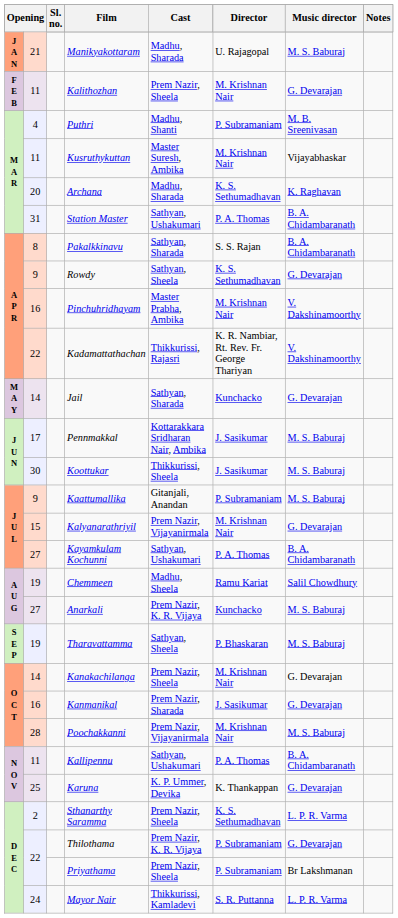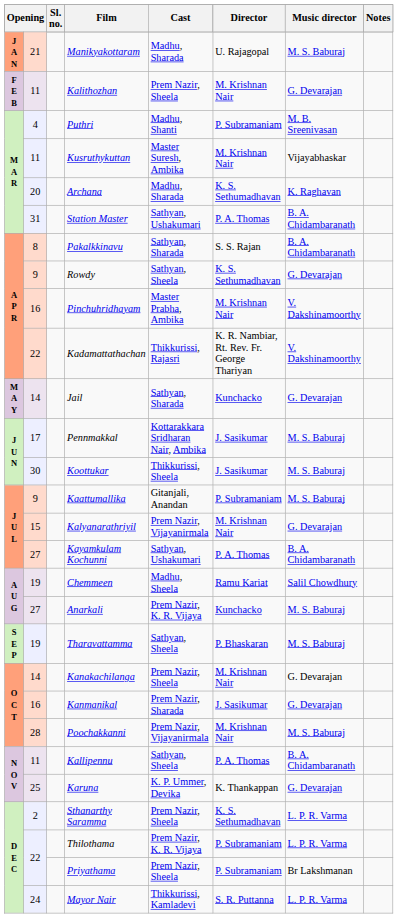 <table class="wikitable">
 <tr style="background:#000;">
 <th colspan='2'>Opening</th>
 <th>Sl.<br>no.</th>
 <th>Film</th>
 <th>Cast</th>
 <th>Director</th>
 <th>Music director</th>
 <th>Notes</th>
 </tr>
 <tr>
 <td rowspan="1" style="text-align:center; background:#ffa07a; textcolor:#000;"><small><strong>J<br>A<br>N</strong></small></td>
 <td rowspan="1"  style="text-align:center; background:#ffdacc; textcolor:#000;">21</td>
 <td valign="center"></td>
 <td><em><a href='#'>Manikyakottaram</a></em></td>
 <td><a href='#'>Madhu</a>, <a href='#'>Sharada</a></td>
 <td>U. Rajagopal</td>
 <td><a href='#'>M. S. Baburaj</a></td>
 <td></td>
 </tr>
 <tr>
 <td rowspan="1" style="text-align:center; background:#dcc7df; textcolor:#000;"><small><strong>F<br>E<br>B</strong></small></td>
 <td rowspan="1"  style="text-align:center; background:#ede3ef; textcolor:#000;">11</td>
 <td valign="center"></td>
 <td><em><a href='#'>Kalithozhan</a></em></td>
 <td><a href='#'>Prem Nazir</a>, <a href='#'>Sheela</a></td>
 <td><a href='#'>M. Krishnan Nair</a></td>
 <td><a href='#'>G. Devarajan</a></td>
 <td></td>
 </tr>
 <tr>
 <td rowspan="4" style="text-align:center; background:#d0f0c0; textcolor:#000;"><small><strong>M<br>A<br>R</strong></small></td>
 <td rowspan="1"  style="text-align:center; background:#edefff; textcolor:#000;">4</td>
 <td valign="center"></td>
 <td><em><a href='#'>Puthri</a></em></td>
 <td><a href='#'>Madhu</a>, <a href='#'>Shanti</a></td>
 <td><a href='#'>P. Subramaniam</a></td>
 <td><a href='#'>M. B. Sreenivasan</a></td>
 <td></td>
 </tr>
 <tr>
 <td rowspan="1"  style="text-align:center; background:#edefff; textcolor:#000;">11</td>
 <td valign="center"></td>
 <td><em><a href='#'>Kusruthykuttan</a></em></td>
 <td><a href='#'>Master Suresh</a>, <a href='#'>Ambika</a></td>
 <td><a href='#'>M. Krishnan Nair</a></td>
 <td>Vijayabhaskar</td>
 <td></td>
 </tr>
 <tr>
 <td rowspan="1"  style="text-align:center; background:#edefff; textcolor:#000;">20</td>
 <td valign="center"></td>
 <td><em><a href='#'>Archana</a></em></td>
 <td><a href='#'>Madhu</a>, <a href='#'>Sharada</a></td>
 <td><a href='#'>K. S. Sethumadhavan</a></td>
 <td><a href='#'>K. Raghavan</a></td>
 <td></td>
 </tr>
 <tr>
 <td rowspan="1"  style="text-align:center; background:#edefff; textcolor:#000;">31</td>
 <td valign="center"></td>
 <td><em><a href='#'>Station Master</a></em></td>
 <td><a href='#'>Sathyan</a>, <a href='#'>Ushakumari</a></td>
 <td><a href='#'>P. A. Thomas</a></td>
 <td><a href='#'>B. A. Chidambaranath</a></td>
 <td></td>
 </tr>
 <tr>
 <td rowspan="4" style="text-align:center; background:#ffa07a; textcolor:#000;"><small><strong>A<br>P<br>R</strong></small></td>
 <td rowspan="1"  style="text-align:center; background:#ffdacc; textcolor:#000;">8</td>
 <td valign="center"></td>
 <td><em><a href='#'>Pakalkkinavu</a></em></td>
 <td><a href='#'>Sathyan</a>, <a href='#'>Sharada</a></td>
 <td>S. S. Rajan</td>
 <td><a href='#'>B. A. Chidambaranath</a></td>
 <td></td>
 </tr>
 <tr>
 <td rowspan="1"  style="text-align:center; background:#ffdacc; textcolor:#000;">9</td>
 <td valign="center"></td>
 <td><em>Rowdy</em></td>
 <td><a href='#'>Sathyan</a>, <a href='#'>Sheela</a></td>
 <td><a href='#'>K. S. Sethumadhavan</a></td>
 <td><a href='#'>G. Devarajan</a></td>
 <td></td>
 </tr>
 <tr>
 <td rowspan="1"  style="text-align:center; background:#ffdacc; textcolor:#000;">16</td>
 <td valign="center"></td>
 <td><em><a href='#'>Pinchuhridhayam</a></em></td>
 <td><a href='#'>Master Prabha</a>, <a href='#'>Ambika</a></td>
 <td><a href='#'>M. Krishnan Nair</a></td>
 <td><a href='#'>V. Dakshinamoorthy</a></td>
 <td></td>
 </tr>
 <tr>
 <td rowspan="1"  style="text-align:center; background:#ffdacc; textcolor:#000;">22</td>
 <td valign="center"></td>
 <td><em>Kadamattathachan</em></td>
 <td><a href='#'>Thikkurissi</a>, <a href='#'>Rajasri</a></td>
 <td>K. R. Nambiar, Rt. Rev. Fr. George Thariyan</td>
 <td><a href='#'>V. Dakshinamoorthy</a></td>
 <td></td>
 </tr>
 <tr>
 <td rowspan="1" style="text-align:center; background:#dcc7df; textcolor:#000;"><small><strong>M<br>A<br>Y</strong></small></td>
 <td rowspan="1"  style="text-align:center; background:#ede3ef; textcolor:#000;">14</td>
 <td valign="center"></td>
 <td><em>Jail</em></td>
 <td><a href='#'>Sathyan</a>, <a href='#'>Sharada</a></td>
 <td><a href='#'>Kunchacko</a></td>
 <td><a href='#'>G. Devarajan</a></td>
 <td></td>
 </tr>
 <tr>
 <td rowspan="2" style="text-align:center; background:#d0f0c0; textcolor:#000;"><small><strong>J<br>U<br>N</strong></small></td>
 <td rowspan="1"  style="text-align:center; background:#edefff; textcolor:#000;">17</td>
 <td valign="center"></td>
 <td><em>Pennmakkal</em></td>
 <td><a href='#'>Kottarakkara Sridharan Nair</a>, <a href='#'>Ambika</a></td>
 <td><a href='#'>J. Sasikumar</a></td>
 <td><a href='#'>M. S. Baburaj</a></td>
 <td></td>
 </tr>
 <tr>
 <td rowspan="1"  style="text-align:center; background:#edefff; textcolor:#000;">30</td>
 <td valign="center"></td>
 <td><em><a href='#'>Koottukar</a></em></td>
 <td><a href='#'>Thikkurissi</a>, <a href='#'>Sheela</a></td>
 <td><a href='#'>J. Sasikumar</a></td>
 <td><a href='#'>M. S. Baburaj</a></td>
 <td></td>
 </tr>
 <tr>
 <td rowspan="3" style="text-align:center; background:#ffa07a; textcolor:#000;"><small><strong>J<br>U<br>L</strong></small></td>
 <td rowspan="1"  style="text-align:center; background:#ffdacc; textcolor:#000;">9</td>
 <td valign="center"></td>
 <td><em><a href='#'>Kaattumallika</a></em></td>
 <td>Gitanjali, Anandan</td>
 <td><a href='#'>P. Subramaniam</a></td>
 <td><a href='#'>M. S. Baburaj</a></td>
 <td></td>
 </tr>
 <tr>
 <td rowspan="1"  style="text-align:center; background:#ffdacc; textcolor:#000;">15</td>
 <td valign="center"></td>
 <td><em><a href='#'>Kalyanarathriyil</a></em></td>
 <td><a href='#'>Prem Nazir</a>, <a href='#'>Vijayanirmala</a></td>
 <td><a href='#'>M. Krishnan Nair</a></td>
 <td><a href='#'>G. Devarajan</a></td>
 <td></td>
 </tr>
 <tr>
 <td rowspan="1"  style="text-align:center; background:#ffdacc; textcolor:#000;">27</td>
 <td valign="center"></td>
 <td><em><a href='#'>Kayamkulam Kochunni</a></em></td>
 <td><a href='#'>Sathyan</a>, <a href='#'>Ushakumari</a></td>
 <td><a href='#'>P. A. Thomas</a></td>
 <td><a href='#'>B. A. Chidambaranath</a></td>
 <td></td>
 </tr>
 <tr>
 <td rowspan="2" style="text-align:center; background:#dcc7df; textcolor:#000;"><small><strong>A<br>U<br>G</strong></small></td>
 <td rowspan="1"  style="text-align:center; background:#ede3ef; textcolor:#000;">19</td>
 <td valign="center"></td>
 <td><em><a href='#'>Chemmeen</a></em></td>
 <td><a href='#'>Madhu</a>, <a href='#'>Sheela</a></td>
 <td><a href='#'>Ramu Kariat</a></td>
 <td><a href='#'>Salil Chowdhury</a></td>
 <td></td>
 </tr>
 <tr>
 <td rowspan="1"  style="text-align:center; background:#ede3ef; textcolor:#000;">27</td>
 <td valign="center"></td>
 <td><em><a href='#'>Anarkali</a></em></td>
 <td><a href='#'>Prem Nazir</a>, <a href='#'>K. R. Vijaya</a></td>
 <td><a href='#'>Kunchacko</a></td>
 <td><a href='#'>M. S. Baburaj</a></td>
 <td></td>
 </tr>
 <tr>
 <td rowspan="1" style="text-align:center; background:#d0f0c0; textcolor:#000;"><small><strong>S<br>E<br>P</strong></small></td>
 <td rowspan="1"  style="text-align:center; background:#edefff; textcolor:#000;">19</td>
 <td valign="center"></td>
 <td><em><a href='#'>Tharavattamma</a></em></td>
 <td><a href='#'>Sathyan</a>, <a href='#'>Sheela</a></td>
 <td><a href='#'>P. Bhaskaran</a></td>
 <td><a href='#'>M. S. Baburaj</a></td>
 <td></td>
 </tr>
 <tr>
 <td rowspan="3" style="text-align:center; background:#ffa07a; textcolor:#000;"><small><strong>O<br>C<br>T</strong></small></td>
 <td rowspan="1"  style="text-align:center; background:#ffdacc; textcolor:#000;">14</td>
 <td valign="center"></td>
 <td><em><a href='#'>Kanakachilanga</a></em></td>
 <td><a href='#'>Prem Nazir</a>, <a href='#'>Sheela</a></td>
 <td><a href='#'>M. Krishnan Nair</a></td>
 <td>G. Devarajan</td>
 <td></td>
 </tr>
 <tr>
 <td rowspan="1"  style="text-align:center; background:#ffdacc; textcolor:#000;">16</td>
 <td valign="center"></td>
 <td><em><a href='#'>Kanmanikal</a></em></td>
 <td><a href='#'>Prem Nazir</a>, <a href='#'>Sharada</a></td>
 <td><a href='#'>J. Sasikumar</a></td>
 <td><a href='#'>G. Devarajan</a></td>
 <td></td>
 </tr>
 <tr>
 <td rowspan="1"  style="text-align:center; background:#ffdacc; textcolor:#000;">28</td>
 <td valign="center"></td>
 <td><em><a href='#'>Poochakkanni</a></em></td>
 <td><a href='#'>Prem Nazir</a>, <a href='#'>Vijayanirmala</a></td>
 <td><a href='#'>M. Krishnan Nair</a></td>
 <td><a href='#'>M. S. Baburaj</a></td>
 <td></td>
 </tr>
 <tr>
 <td rowspan="2" style="text-align:center; background:#dcc7df; textcolor:#000;"><small><strong>N<br>O<br>V</strong></small></td>
 <td rowspan="1"  style="text-align:center; background:#ede3ef; textcolor:#000;">11</td>
 <td valign="center"></td>
 <td><em><a href='#'>Kallipennu</a></em></td>
-<td><a href='#'>Sathyan</a>, <a href='#'>Ushakumari</a></td>
+<td><a href='#'>Sathyan</a>, <a href='#'>Sheela</a></td>
 <td><a href='#'>P. A. Thomas</a></td>
 <td><a href='#'>B. A. Chidambaranath</a></td>
 <td></td>
 </tr>
 <tr>
 <td rowspan="1"  style="text-align:center; background:#ede3ef; textcolor:#000;">25</td>
 <td valign="center"></td>
 <td><em><a href='#'>Karuna</a></em></td>
 <td><a href='#'>K. P. Ummer</a>, <a href='#'>Devika</a></td>
 <td>K. Thankappan</td>
 <td><a href='#'>G. Devarajan</a></td>
 <td></td>
 </tr>
 <tr>
 <td rowspan="4" style="text-align:center; background:#d0f0c0; textcolor:#000;"><small><strong>D<br>E<br>C</strong></small></td>
 <td rowspan="1"  style="text-align:center; background:#edefff; textcolor:#000;">2</td>
 <td valign="center"></td>
 <td><em><a href='#'>Sthanarthy Saramma</a></em></td>
 <td><a href='#'>Prem Nazir</a>, <a href='#'>Sheela</a></td>
 <td><a href='#'>K. S. Sethumadhavan</a></td>
 <td><a href='#'>L. P. R. Varma</a></td>
 <td></td>
 </tr>
 <tr>
 <td rowspan="2"  style="text-align:center; background:#edefff; textcolor:#000;">22</td>
 <td valign="center"></td>
 <td><em>Thilothama</em></td>
 <td><a href='#'>Prem Nazir</a>, <a href='#'>K. R. Vijaya</a></td>
 <td><a href='#'>P. Subramaniam</a></td>
-<td><a href='#'>G. Devarajan</a></td>
+<td><a href='#'>L. P. R. Varma</a></td>
 <td></td>
 </tr>
 <tr>
 <td valign="center"></td>
 <td><em><a href='#'>Priyathama</a></em></td>
 <td><a href='#'>Prem Nazir</a>, <a href='#'>Sheela</a></td>
 <td><a href='#'>P. Subramaniam</a></td>
 <td>Br Lakshmanan</td>
 <td></td>
 </tr>
 <tr>
 <td rowspan="1"  style="text-align:center; background:#edefff; textcolor:#000;">24</td>
 <td valign="center"></td>
 <td><em><a href='#'>Mayor Nair</a></em></td>
 <td><a href='#'>Thikkurissi</a>, <a href='#'>Kamladevi</a></td>
 <td><a href='#'>S. R. Puttanna</a></td>
 <td><a href='#'>L. P. R. Varma</a></td>
 <td></td>
 </tr>
 </table>
